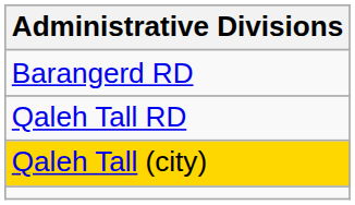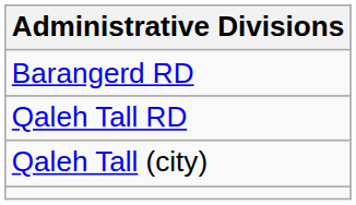 <table class="wikitable">
 <tr>
 <th>Administrative Divisions</th>
 </tr>
 <tr>
 <td><a href='#'>Barangerd RD</a></td>
 </tr>
 <tr>
 <td><a href='#'>Qaleh Tall RD</a></td>
 </tr>
 <tr>
-<td style="background: gold;"><a href='#'>Qaleh Tall</a> (city)</td>
+<td><a href='#'>Qaleh Tall</a> (city)</td>
 </tr>
 <tr>
 <td colspan=1></td>
 </tr>
 </table>
